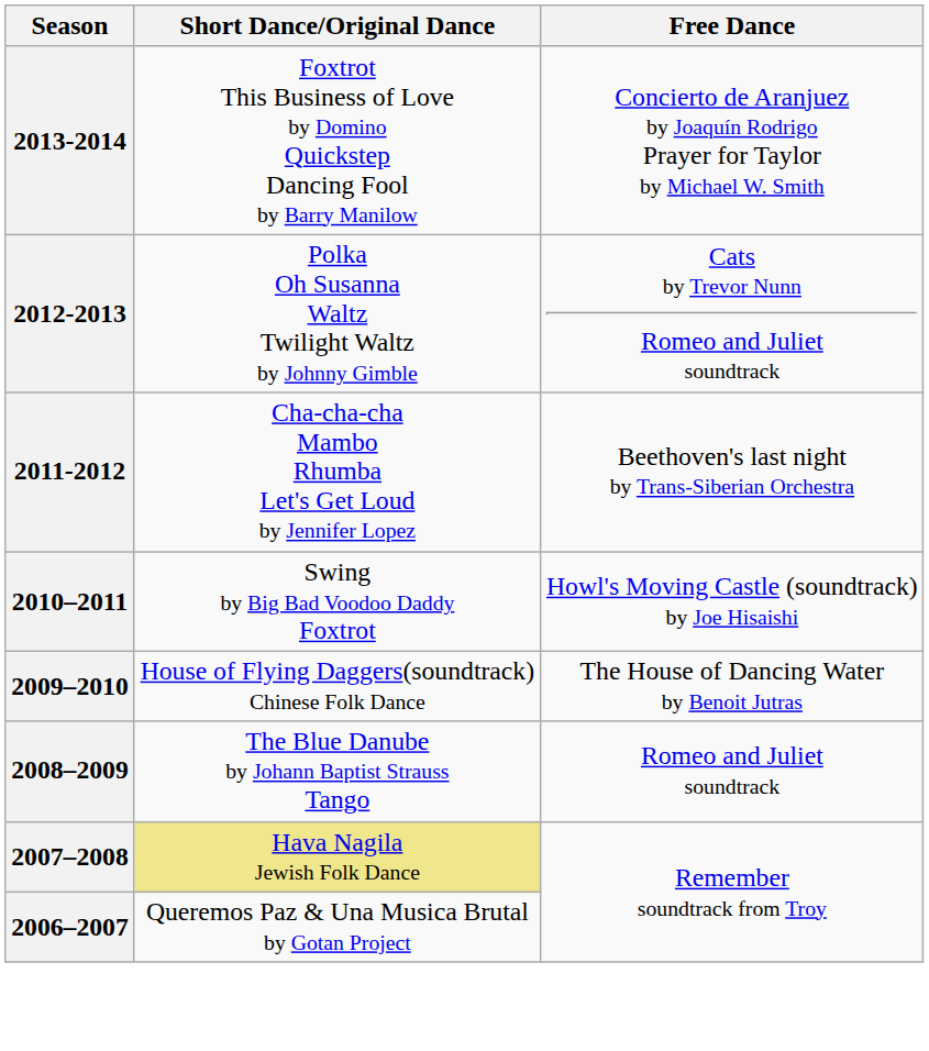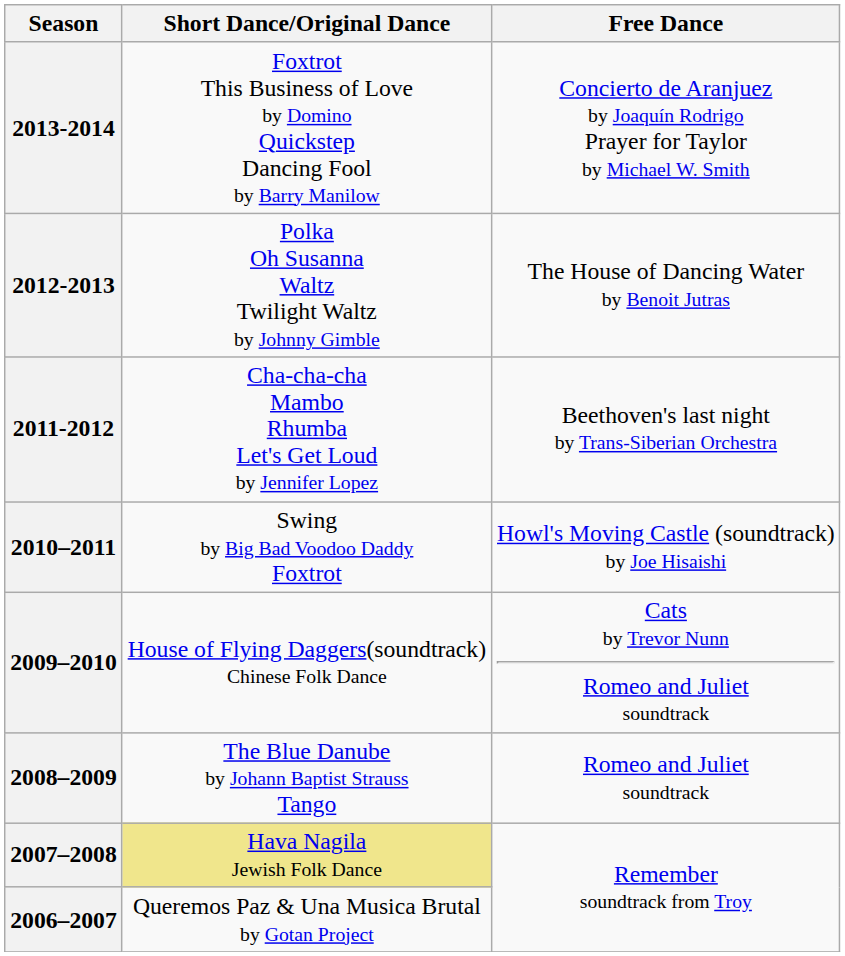 <table class="wikitable" style="text-align:center">
 <tr>
 <th>Season</th>
 <th>Short Dance/Original Dance</th>
 <th>Free Dance</th>
 </tr>
 <tr>
 <th>2013-2014</th>
 <td><a href='#'>Foxtrot</a> <br> This Business of Love <br><small> by <a href='#'>Domino</a></small> <br><a href='#'>Quickstep</a> <br> Dancing Fool <br><small> by <a href='#'>Barry Manilow</a></small></td>
 <td><a href='#'>Concierto de Aranjuez</a> <br><small> by <a href='#'>Joaquín Rodrigo</a></small> <br> Prayer for Taylor <br><small> by <a href='#'>Michael W. Smith</a></small></td>
 </tr>
 <tr>
 <th>2012-2013</th>
 <td><a href='#'>Polka</a> <br> <a href='#'>Oh Susanna</a> <br><a href='#'>Waltz</a> <br> Twilight Waltz <br><small> by <a href='#'>Johnny Gimble</a></small></td>
-<td><a href='#'>Cats</a> <br><small> by <a href='#'>Trevor Nunn</a> <hr></small><a href='#'>Romeo and Juliet</a><br><small> soundtrack</small></td>
+<td>The House of Dancing Water <br><small>by <a href='#'>Benoit Jutras</a></small></td>
 </tr>
 <tr>
 <th>2011-2012</th>
 <td><a href='#'>Cha-cha-cha</a> <br><a href='#'>Mambo</a><br> <a href='#'>Rhumba</a><br> <a href='#'>Let's Get Loud</a> <br><small> by <a href='#'>Jennifer Lopez</a></small></td>
 <td>Beethoven's last night <br> <small> by <a href='#'>Trans-Siberian Orchestra</a></small></td>
 </tr>
 <tr>
 <th>2010–2011</th>
 <td>Swing <br><small> by <a href='#'>Big Bad Voodoo Daddy</a> <br></small> <a href='#'>Foxtrot</a></td>
 <td><a href='#'>Howl's Moving Castle</a> (soundtrack) <br><small>by <a href='#'>Joe Hisaishi</a></small></td>
 </tr>
 <tr>
 <th>2009–2010</th>
 <td><a href='#'>House of Flying Daggers</a>(soundtrack)<br><small> Chinese Folk Dance</small></td>
-<td>The House of Dancing Water <br><small>by <a href='#'>Benoit Jutras</a></small></td>
+<td><a href='#'>Cats</a> <br><small> by <a href='#'>Trevor Nunn</a> <hr></small><a href='#'>Romeo and Juliet</a><br><small> soundtrack</small></td>
 </tr>
 <tr>
 <th>2008–2009</th>
 <td><a href='#'>The Blue Danube</a> <br><small> by <a href='#'>Johann Baptist Strauss</a> <br></small> <a href='#'>Tango</a></td>
 <td><a href='#'>Romeo and Juliet</a> <br><small> soundtrack</small></td>
 </tr>
 <tr>
 <th>2007–2008</th>
 <td style="background: khaki;"><a href='#'>Hava Nagila</a> <br><small> Jewish Folk Dance</small></td>
 <td rowspan=2><a href='#'>Remember</a> <br><small> soundtrack from <a href='#'>Troy</a></small></td>
 </tr>
 <tr>
 <th>2006–2007</th>
 <td>Queremos Paz & Una Musica Brutal <br> <small> by <a href='#'>Gotan Project</a></small></td>
 </tr>
 </table>
